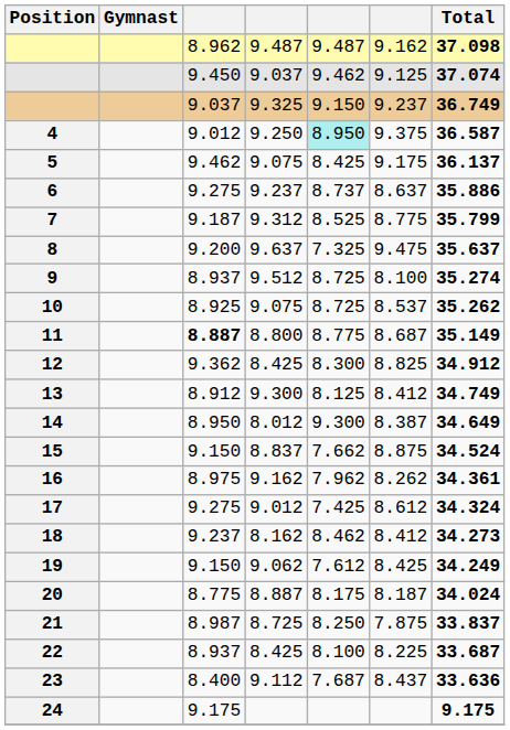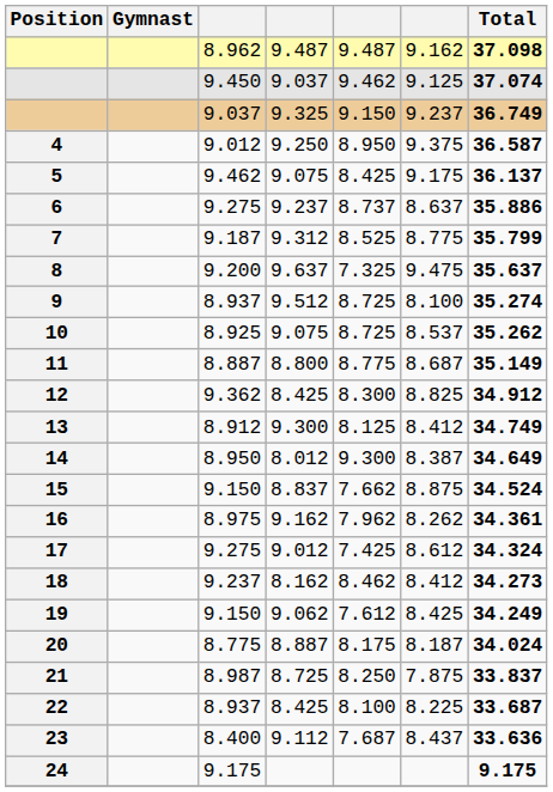 <table class="wikitable sortable" style="text-align:center; font-size:95%">
 <tr>
 <th>Position</th>
 <th>Gymnast</th>
 <th></th>
 <th></th>
 <th></th>
 <th></th>
 <th>Total</th>
 </tr>
 <tr bgcolor=fffcaf>
 <td></td>
 <td align=left></td>
 <td>8.962</td>
 <td>9.487</td>
 <td>9.487</td>
 <td>9.162</td>
 <td><strong>37.098</strong></td>
 </tr>
 <tr bgcolor=e5e5e5>
 <td></td>
 <td align=left></td>
 <td>9.450</td>
 <td>9.037</td>
 <td>9.462</td>
 <td>9.125</td>
 <td><strong>37.074</strong></td>
 </tr>
 <tr bgcolor=eecc99>
 <td></td>
 <td align=left></td>
 <td>9.037</td>
 <td>9.325</td>
 <td>9.150</td>
 <td>9.237</td>
 <td><strong>36.749</strong></td>
 </tr>
 <tr>
 <th><strong>4</strong></th>
 <td align=left></td>
 <td>9.012</td>
 <td>9.250</td>
-<td style="background: paleturquoise;">8.950</td>
+<td>8.950</td>
 <td>9.375</td>
 <td><strong>36.587</strong></td>
 </tr>
 <tr>
 <th><strong>5</strong></th>
 <td align=left></td>
 <td>9.462</td>
 <td>9.075</td>
 <td>8.425</td>
 <td>9.175</td>
 <td><strong>36.137</strong></td>
 </tr>
 <tr>
 <th><strong>6</strong></th>
 <td align=left></td>
 <td>9.275</td>
 <td>9.237</td>
 <td>8.737</td>
 <td>8.637</td>
 <td><strong>35.886</strong></td>
 </tr>
 <tr>
 <th><strong>7</strong></th>
 <td align=left></td>
 <td>9.187</td>
 <td>9.312</td>
 <td>8.525</td>
 <td>8.775</td>
 <td><strong>35.799</strong></td>
 </tr>
 <tr>
 <th><strong>8</strong></th>
 <td align=left></td>
 <td>9.200</td>
 <td>9.637</td>
 <td>7.325</td>
 <td>9.475</td>
 <td><strong>35.637</strong></td>
 </tr>
 <tr>
 <th><strong>9</strong></th>
 <td align=left></td>
 <td>8.937</td>
 <td>9.512</td>
 <td>8.725</td>
 <td>8.100</td>
 <td><strong>35.274</strong></td>
 </tr>
 <tr>
 <th><strong>10</strong></th>
 <td align=left></td>
 <td>8.925</td>
 <td>9.075</td>
 <td>8.725</td>
 <td>8.537</td>
 <td><strong>35.262</strong></td>
 </tr>
 <tr>
 <th><strong>11</strong></th>
 <td align=left></td>
-<td><strong>8.887</strong></td>
+<td>8.887</td>
 <td>8.800</td>
 <td>8.775</td>
 <td>8.687</td>
 <td><strong>35.149</strong></td>
 </tr>
 <tr>
 <th><strong>12</strong></th>
 <td align=left></td>
 <td>9.362</td>
 <td>8.425</td>
 <td>8.300</td>
 <td>8.825</td>
 <td><strong>34.912</strong></td>
 </tr>
 <tr>
 <th><strong>13</strong></th>
 <td align=left></td>
 <td>8.912</td>
 <td>9.300</td>
 <td>8.125</td>
 <td>8.412</td>
 <td><strong>34.749</strong></td>
 </tr>
 <tr>
 <th><strong>14</strong></th>
 <td align=left></td>
 <td>8.950</td>
 <td>8.012</td>
 <td>9.300</td>
 <td>8.387</td>
 <td><strong>34.649</strong></td>
 </tr>
 <tr>
 <th><strong>15</strong></th>
 <td align=left></td>
 <td>9.150</td>
 <td>8.837</td>
 <td>7.662</td>
 <td>8.875</td>
 <td><strong>34.524</strong></td>
 </tr>
 <tr>
 <th><strong>16</strong></th>
 <td align=left></td>
 <td>8.975</td>
 <td>9.162</td>
 <td>7.962</td>
 <td>8.262</td>
 <td><strong>34.361</strong></td>
 </tr>
 <tr>
 <th><strong>17</strong></th>
 <td align=left></td>
 <td>9.275</td>
 <td>9.012</td>
 <td>7.425</td>
 <td>8.612</td>
 <td><strong>34.324</strong></td>
 </tr>
 <tr>
 <th><strong>18</strong></th>
 <td align=left></td>
 <td>9.237</td>
 <td>8.162</td>
 <td>8.462</td>
 <td>8.412</td>
 <td><strong>34.273</strong></td>
 </tr>
 <tr>
 <th><strong>19</strong></th>
 <td align=left></td>
 <td>9.150</td>
 <td>9.062</td>
 <td>7.612</td>
 <td>8.425</td>
 <td><strong>34.249</strong></td>
 </tr>
 <tr>
 <th><strong>20</strong></th>
 <td align=left></td>
 <td>8.775</td>
 <td>8.887</td>
 <td>8.175</td>
 <td>8.187</td>
 <td><strong>34.024</strong></td>
 </tr>
 <tr>
 <th><strong>21</strong></th>
 <td align=left></td>
 <td>8.987</td>
 <td>8.725</td>
 <td>8.250</td>
 <td>7.875</td>
 <td><strong>33.837</strong></td>
 </tr>
 <tr>
 <th><strong>22</strong></th>
 <td align=left></td>
 <td>8.937</td>
 <td>8.425</td>
 <td>8.100</td>
 <td>8.225</td>
 <td><strong>33.687</strong></td>
 </tr>
 <tr>
 <th><strong>23</strong></th>
 <td align=left></td>
 <td>8.400</td>
 <td>9.112</td>
 <td>7.687</td>
 <td>8.437</td>
 <td><strong>33.636</strong></td>
 </tr>
 <tr>
 <th><strong>24</strong></th>
 <td align=left></td>
 <td>9.175</td>
 <td></td>
 <td></td>
 <td></td>
 <td><strong>9.175</strong></td>
 </tr>
 <tr>
 </tr>
 </table>
